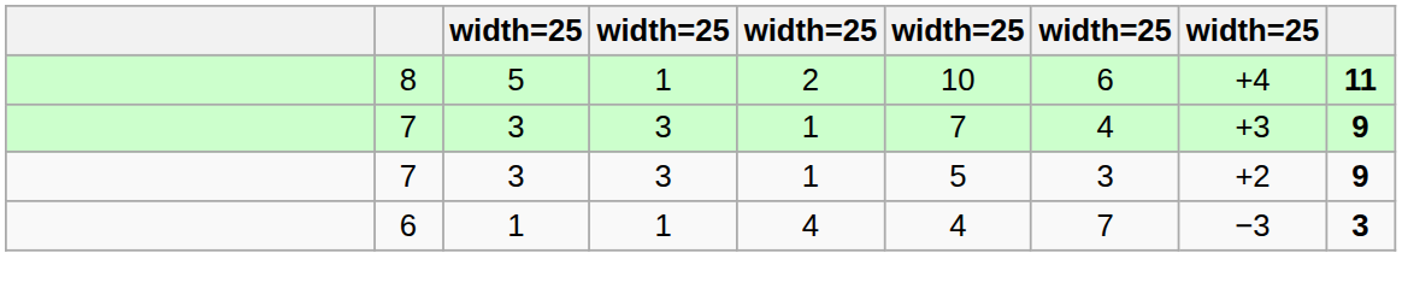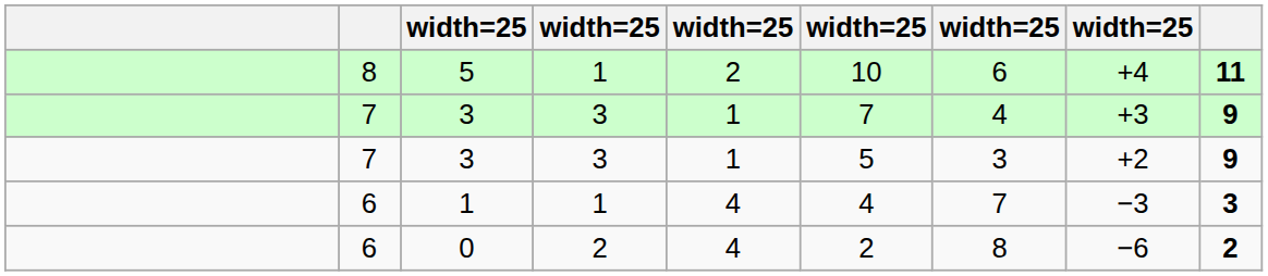 <table class="wikitable" style="text-align: center; font-size: 90%;">
 <tr>
 <th width=165></th>
 <th width=25></th>
 <th>width=25</th>
 <th>width=25</th>
 <th>width=25</th>
 <th>width=25</th>
 <th>width=25</th>
 <th>width=25</th>
 <th width=25></th>
 </tr>
 <tr style="background:#cfc;">
 <td align="left"><strong></strong></td>
 <td>8</td>
 <td>5</td>
 <td>1</td>
 <td>2</td>
 <td>10</td>
 <td>6</td>
 <td>+4</td>
 <td><strong>11</strong></td>
 </tr>
 <tr style="background:#cfc;">
 <td align="left"></td>
 <td>7</td>
 <td>3</td>
 <td>3</td>
 <td>1</td>
 <td>7</td>
 <td>4</td>
 <td>+3</td>
 <td><strong>9</strong></td>
 </tr>
 <tr>
 <td align="left"></td>
 <td>7</td>
 <td>3</td>
 <td>3</td>
 <td>1</td>
 <td>5</td>
 <td>3</td>
 <td>+2</td>
 <td><strong>9</strong></td>
 </tr>
 <tr>
 <td align="left"></td>
 <td>6</td>
 <td>1</td>
 <td>1</td>
 <td>4</td>
 <td>4</td>
 <td>7</td>
 <td>−3</td>
 <td><strong>3</strong></td>
 </tr>
+<tr>
+<td align="left"></td>
+<td>6</td>
+<td>0</td>
+<td>2</td>
+<td>4</td>
+<td>2</td>
+<td>8</td>
+<td>−6</td>
+<td><strong>2</strong></td>
+</tr>
 </table>
